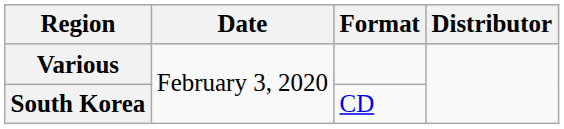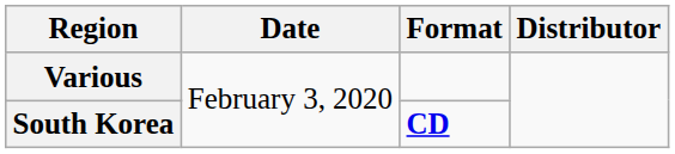 <table class="wikitable plainrowheaders">
 <tr>
 <th>Region</th>
 <th>Date</th>
 <th>Format</th>
 <th>Distributor</th>
 </tr>
 <tr>
 <th scope="row">Various</th>
 <td rowspan="3">February 3, 2020</td>
 <td rowspan="2"></td>
 <td rowspan="3"></td>
 </tr>
 <tr>
 <th scope="row" rowspan="2">South Korea</th>
 </tr>
 <tr>
-<td><a href='#'>CD</a></td>
+<td><strong><a href='#'>CD</a></strong></td>
 </tr>
 </table>
